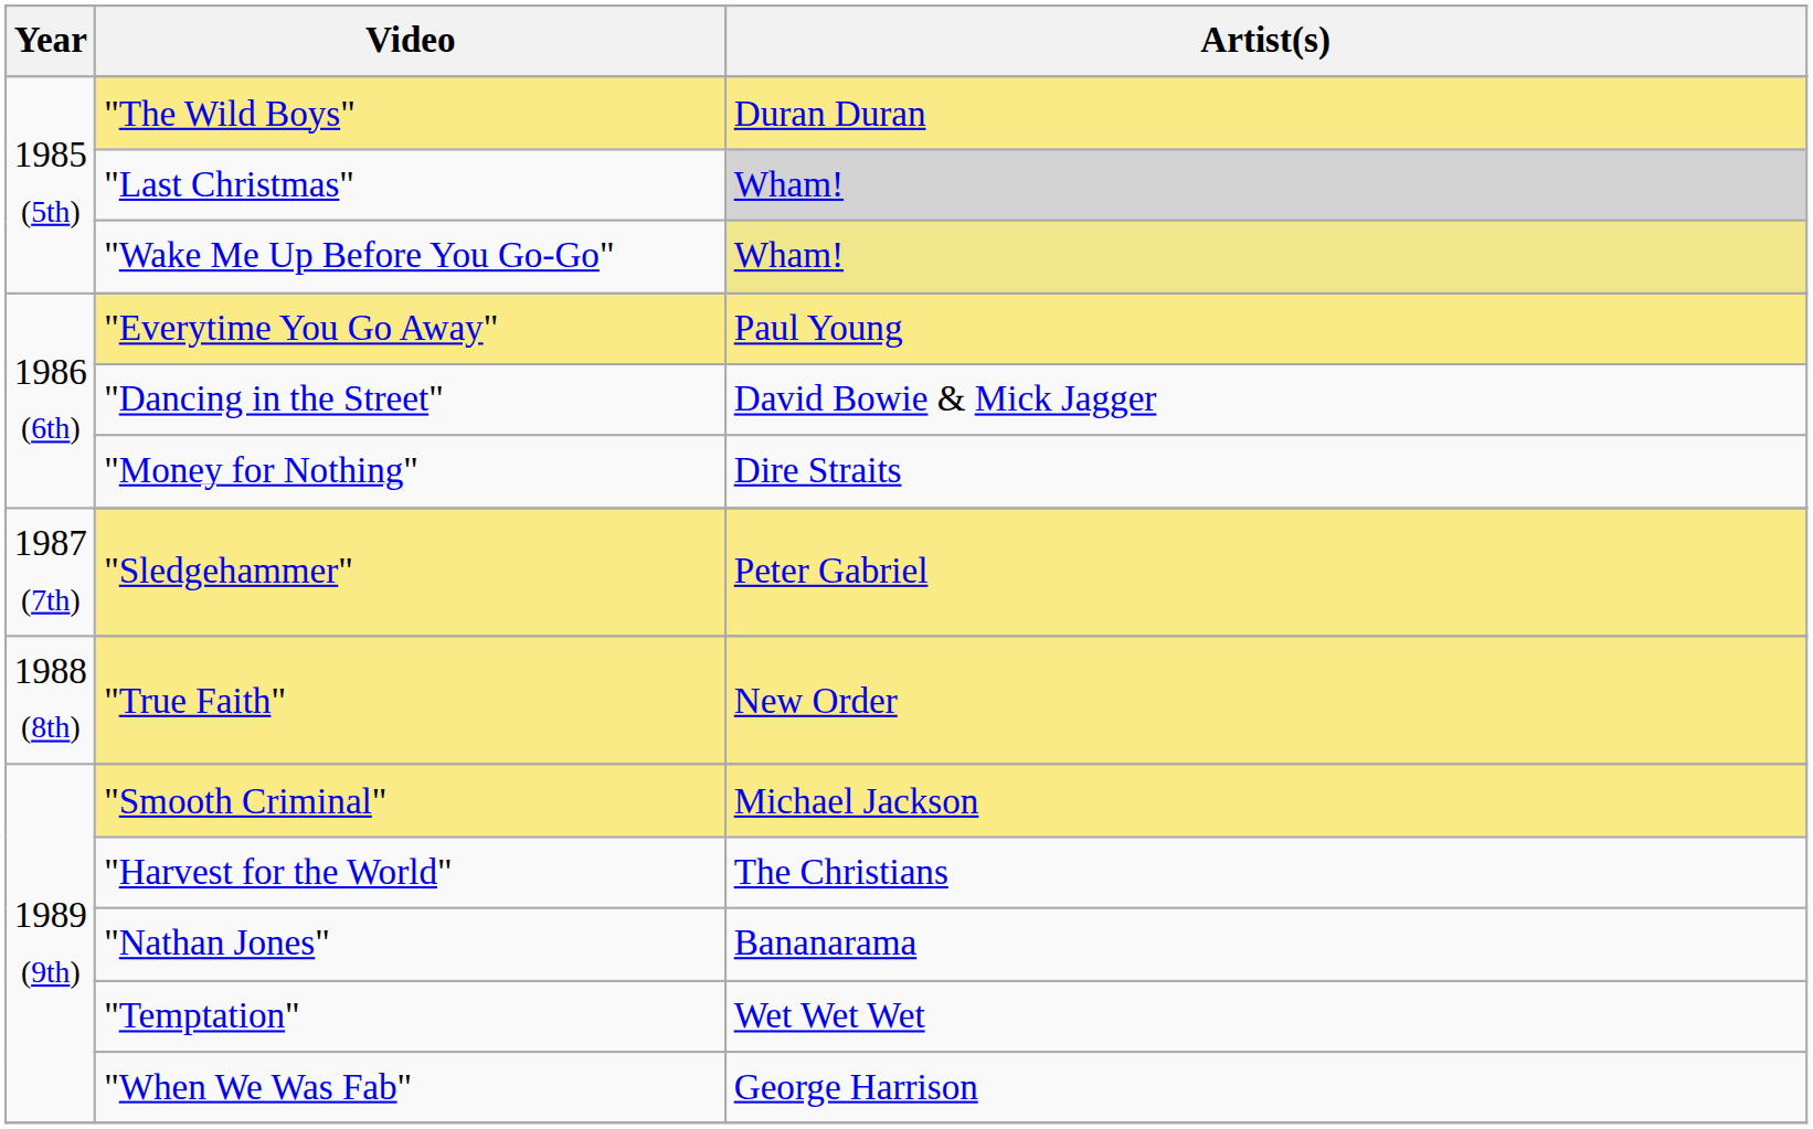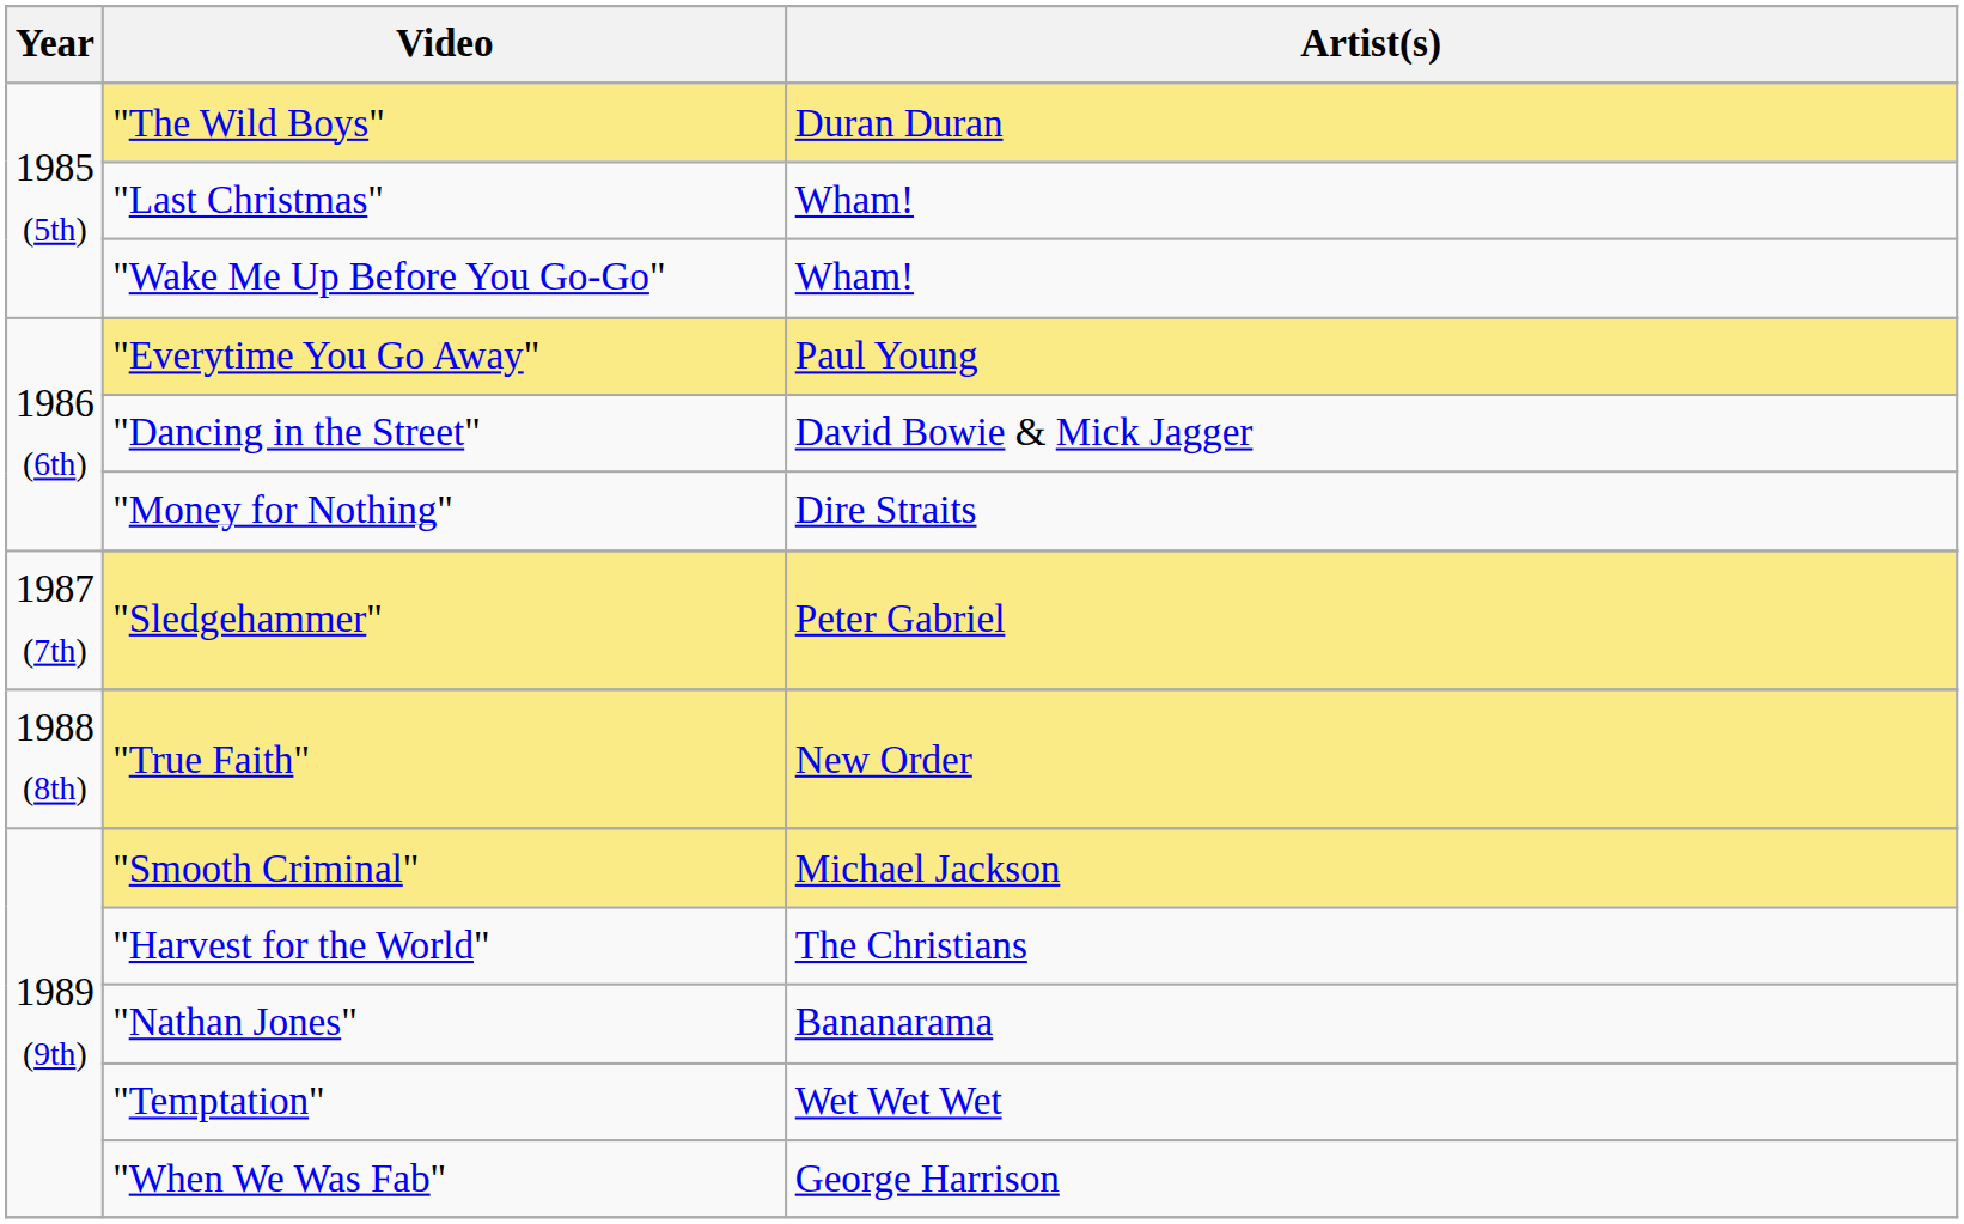 <table class="wikitable" style="font-size:1.00em; line-height:1.5em;">
 <tr bgcolor="#bebebe">
 </tr>
 <tr bgcolor="#bebebe">
 <th width="5%">Year</th>
 <th width="35%">Video</th>
 <th width="60%">Artist(s)</th>
 </tr>
 <tr>
 <td rowspan="4" style="text-align:center;">1985 <br><small>(<a href='#'>5th</a>)</small></td>
 </tr>
 <tr style="background:#FAEB86;">
 <td>"<a href='#'>The Wild Boys</a>"</td>
 <td><a href='#'>Duran Duran</a></td>
 </tr>
 <tr>
 <td>"<a href='#'>Last Christmas</a>"</td>
-<td style="background: lightgrey;"><a href='#'>Wham!</a></td>
+<td><a href='#'>Wham!</a></td>
 </tr>
 <tr>
 <td>"<a href='#'>Wake Me Up Before You Go-Go</a>"</td>
-<td style="background: khaki;"><a href='#'>Wham!</a></td>
+<td><a href='#'>Wham!</a></td>
 </tr>
 <tr>
 <td rowspan="4" style="text-align:center;">1986 <br><small>(<a href='#'>6th</a>)</small></td>
 </tr>
 <tr style="background:#FAEB86;">
 <td>"<a href='#'>Everytime You Go Away</a>"</td>
 <td><a href='#'>Paul Young</a></td>
 </tr>
 <tr>
 <td>"<a href='#'>Dancing in the Street</a>"</td>
 <td><a href='#'>David Bowie</a> & <a href='#'>Mick Jagger</a></td>
 </tr>
 <tr>
 <td>"<a href='#'>Money for Nothing</a>"</td>
 <td><a href='#'>Dire Straits</a></td>
 </tr>
 <tr>
 <td rowspan="2" style="text-align:center;">1987 <br><small>(<a href='#'>7th</a>)</small></td>
 </tr>
 <tr style="background:#FAEB86;">
 <td>"<a href='#'>Sledgehammer</a>"</td>
 <td><a href='#'>Peter Gabriel</a></td>
 </tr>
 <tr>
 <td rowspan="2" style="text-align:center;">1988 <br><small>(<a href='#'>8th</a>)</small></td>
 </tr>
 <tr style="background:#FAEB86;">
 <td>"<a href='#'>True Faith</a>"</td>
 <td><a href='#'>New Order</a></td>
 </tr>
 <tr>
 <td rowspan="6" style="text-align:center;">1989 <br><small>(<a href='#'>9th</a>)</small></td>
 </tr>
 <tr style="background:#FAEB86;">
 <td>"<a href='#'>Smooth Criminal</a>"</td>
 <td><a href='#'>Michael Jackson</a></td>
 </tr>
 <tr>
 <td>"<a href='#'>Harvest for the World</a>"</td>
 <td><a href='#'>The Christians</a></td>
 </tr>
 <tr>
 <td>"<a href='#'>Nathan Jones</a>"</td>
 <td><a href='#'>Bananarama</a></td>
 </tr>
 <tr>
 <td>"<a href='#'>Temptation</a>"</td>
 <td><a href='#'>Wet Wet Wet</a></td>
 </tr>
 <tr>
 <td>"<a href='#'>When We Was Fab</a>"</td>
 <td><a href='#'>George Harrison</a></td>
 </tr>
 <tr>
 </tr>
 </table>
